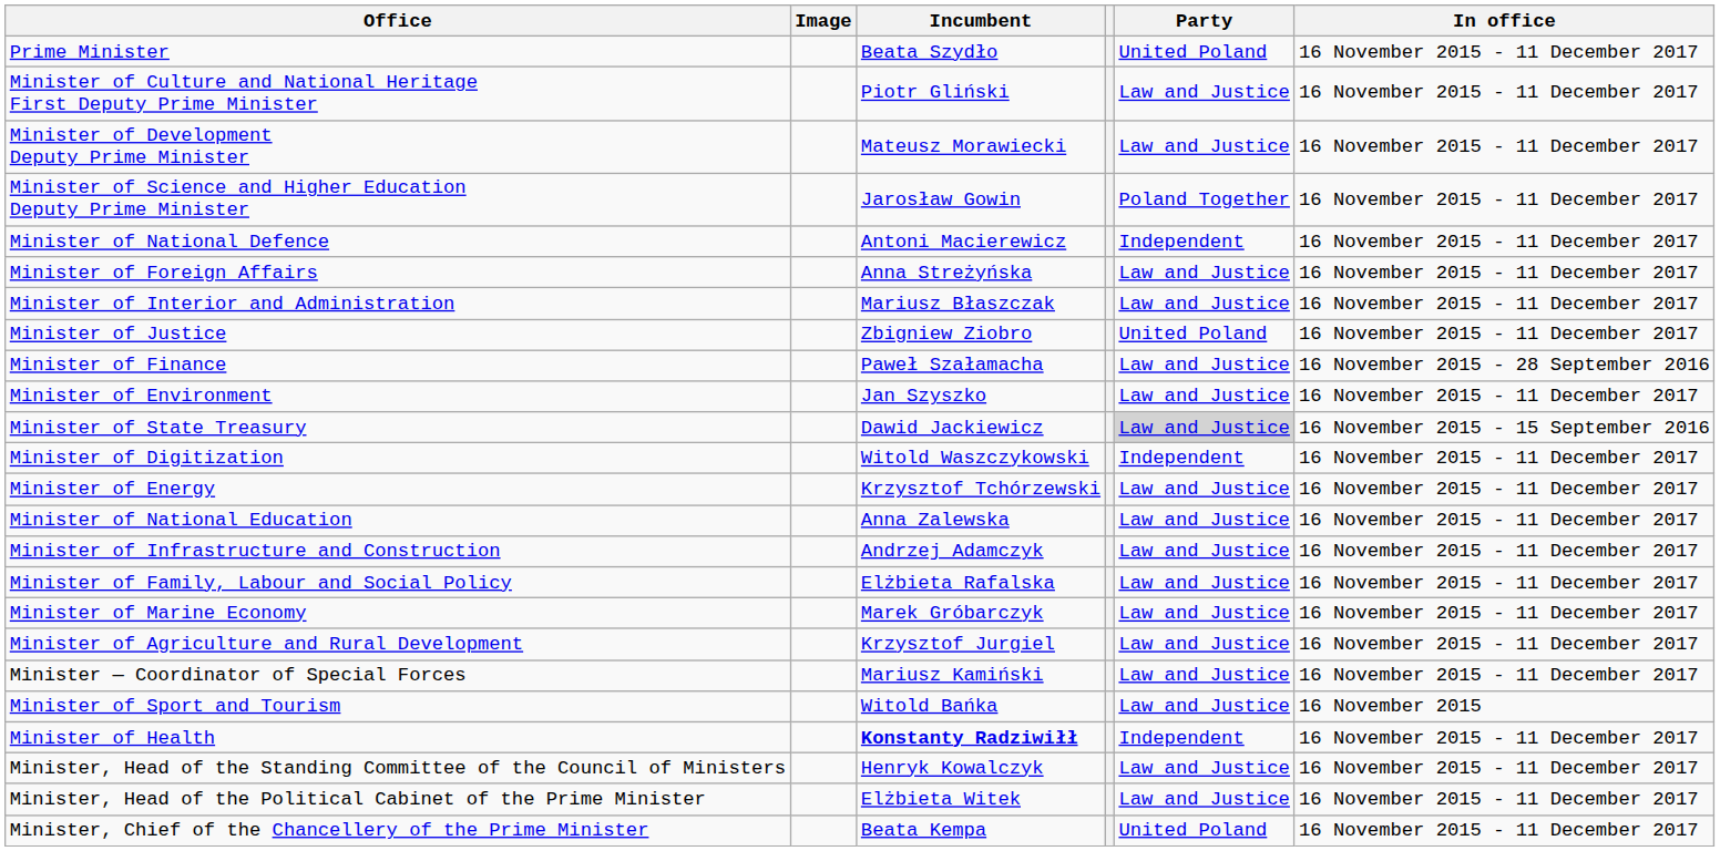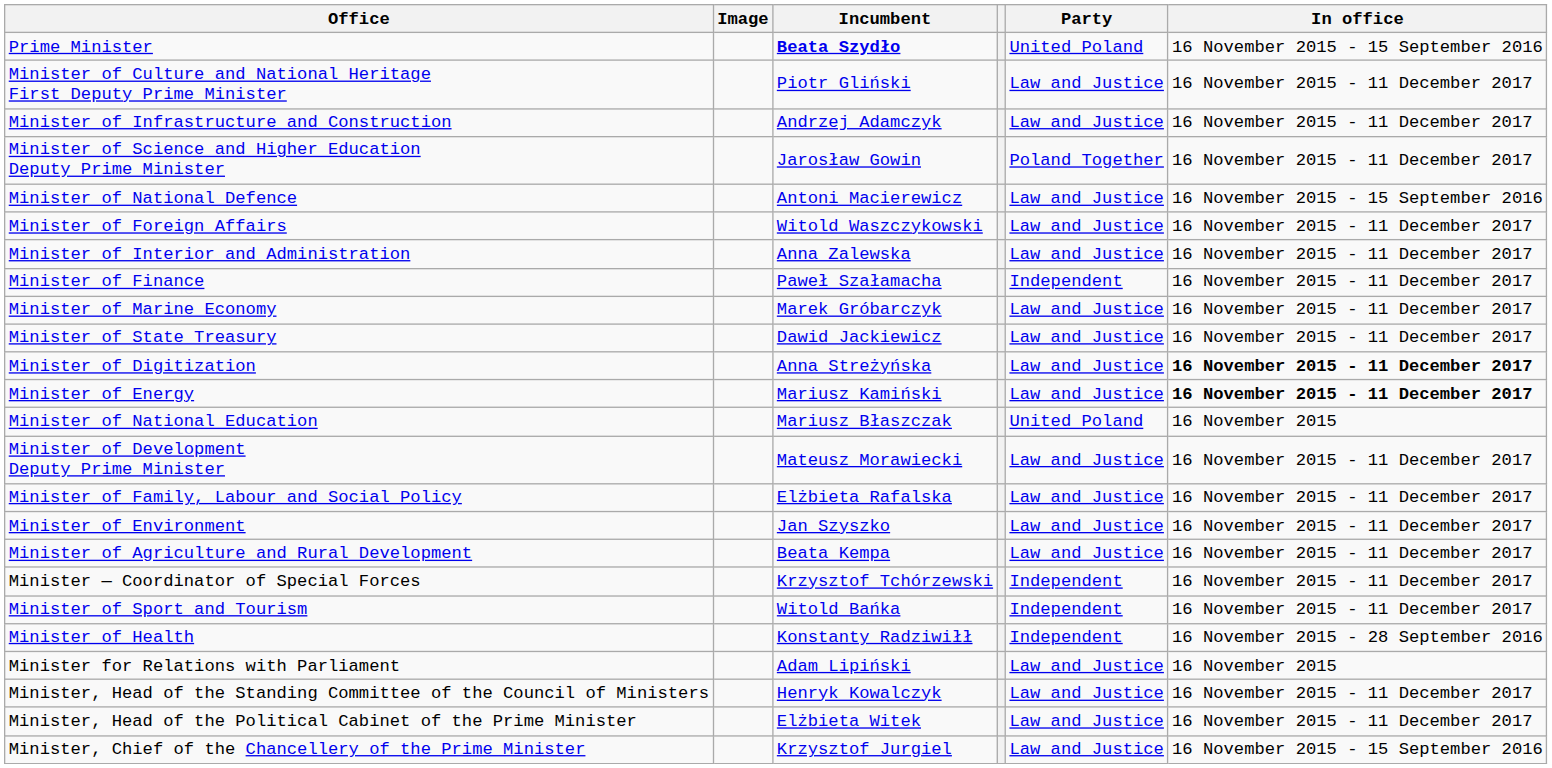 <table class="wikitable">
 <tr>
 <th>Office</th>
 <th>Image</th>
 <th>Incumbent</th>
 <th></th>
 <th>Party</th>
 <th>In office</th>
 </tr>
 <tr>
 <td><a href='#'>Prime Minister</a></td>
 <td></td>
-<td><a href='#'>Beata Szydło</a></td>
+<td><strong><a href='#'>Beata Szydło</a></strong></td>
 <th style="background:"></th>
 <td><a href='#'>United Poland</a></td>
-<td>16 November 2015 - 11 December 2017</td>
+<td>16 November 2015 - 15 September 2016</td>
 </tr>
 <tr>
 <td><a href='#'>Minister of Culture and National Heritage</a><br><a href='#'>First Deputy Prime Minister</a></td>
 <td></td>
 <td><a href='#'>Piotr Gliński</a></td>
 <th style="background:"></th>
 <td><a href='#'>Law and Justice</a></td>
 <td>16 November 2015 - 11 December 2017</td>
 </tr>
 <tr>
-<td><a href='#'>Minister of Development</a><br><a href='#'>Deputy Prime Minister</a></td>
+<td><a href='#'>Minister of Infrastructure and Construction</a></td>
 <td></td>
-<td><a href='#'>Mateusz Morawiecki</a></td>
+<td><a href='#'>Andrzej Adamczyk</a></td>
 <th style="background:"></th>
 <td><a href='#'>Law and Justice</a></td>
 <td>16 November 2015 - 11 December 2017</td>
 </tr>
 <tr>
 <td><a href='#'>Minister of Science and Higher Education</a><br><a href='#'>Deputy Prime Minister</a></td>
 <td></td>
 <td><a href='#'>Jarosław Gowin</a></td>
 <th style="background:"></th>
 <td><a href='#'>Poland Together</a></td>
 <td>16 November 2015 - 11 December 2017</td>
 </tr>
 <tr>
 <td><a href='#'>Minister of National Defence</a></td>
 <td></td>
 <td><a href='#'>Antoni Macierewicz</a></td>
 <th style="background:"></th>
-<td><a href='#'>Independent</a></td>
-<td>16 November 2015 - 11 December 2017</td>
+<td><a href='#'>Law and Justice</a></td>
+<td>16 November 2015 - 15 September 2016</td>
 </tr>
 <tr>
 <td><a href='#'>Minister of Foreign Affairs</a></td>
 <td></td>
-<td><a href='#'>Anna Streżyńska</a></td>
+<td><a href='#'>Witold Waszczykowski</a></td>
 <th style="background:"></th>
 <td><a href='#'>Law and Justice</a></td>
 <td>16 November 2015 - 11 December 2017</td>
 </tr>
 <tr>
 <td><a href='#'>Minister of Interior and Administration</a></td>
 <td></td>
-<td><a href='#'>Mariusz Błaszczak</a></td>
+<td><a href='#'>Anna Zalewska</a></td>
 <th style="background:"></th>
 <td><a href='#'>Law and Justice</a></td>
-<td>16 November 2015 - 11 December 2017</td>
-</tr>
-<tr>
-<td><a href='#'>Minister of Justice</a></td>
-<td></td>
-<td><a href='#'>Zbigniew Ziobro</a></td>
-<th style="background:"></th>
-<td><a href='#'>United Poland</a></td>
 <td>16 November 2015 - 11 December 2017</td>
 </tr>
 <tr>
 <td><a href='#'>Minister of Finance</a></td>
 <td></td>
 <td><a href='#'>Paweł Szałamacha</a></td>
 <th style="background:"></th>
-<td><a href='#'>Law and Justice</a></td>
-<td>16 November 2015 - 28 September 2016</td>
+<td><a href='#'>Independent</a></td>
+<td>16 November 2015 - 11 December 2017</td>
 </tr>
 <tr>
-<td><a href='#'>Minister of Environment</a></td>
+<td><a href='#'>Minister of Marine Economy</a></td>
 <td></td>
-<td><a href='#'>Jan Szyszko</a></td>
+<td><a href='#'>Marek Gróbarczyk</a></td>
 <th style="background:"></th>
 <td><a href='#'>Law and Justice</a></td>
 <td>16 November 2015 - 11 December 2017</td>
 </tr>
 <tr>
 <td><a href='#'>Minister of State Treasury</a></td>
 <td></td>
 <td><a href='#'>Dawid Jackiewicz</a></td>
 <th style="background:"></th>
-<td style="background: lightgrey;"><a href='#'>Law and Justice</a></td>
-<td>16 November 2015 - 15 September 2016</td>
+<td><a href='#'>Law and Justice</a></td>
+<td>16 November 2015 - 11 December 2017</td>
 </tr>
 <tr>
 <td><a href='#'>Minister of Digitization</a></td>
 <td></td>
-<td><a href='#'>Witold Waszczykowski</a></td>
+<td><a href='#'>Anna Streżyńska</a></td>
 <th style="background:"></th>
-<td><a href='#'>Independent</a></td>
-<td>16 November 2015 - 11 December 2017</td>
+<td><a href='#'>Law and Justice</a></td>
+<td><strong>16 November 2015 - 11 December 2017</strong></td>
 </tr>
 <tr>
 <td><a href='#'>Minister of Energy</a></td>
 <td></td>
-<td><a href='#'>Krzysztof Tchórzewski</a></td>
+<td><a href='#'>Mariusz Kamiński</a></td>
 <th style="background:"></th>
 <td><a href='#'>Law and Justice</a></td>
-<td>16 November 2015 - 11 December 2017</td>
+<td><strong>16 November 2015 - 11 December 2017</strong></td>
 </tr>
 <tr>
 <td><a href='#'>Minister of National Education</a></td>
 <td></td>
-<td><a href='#'>Anna Zalewska</a></td>
+<td><a href='#'>Mariusz Błaszczak</a></td>
 <th style="background:"></th>
-<td><a href='#'>Law and Justice</a></td>
-<td>16 November 2015 - 11 December 2017</td>
+<td><a href='#'>United Poland</a></td>
+<td>16 November 2015</td>
 </tr>
 <tr>
-<td><a href='#'>Minister of Infrastructure and Construction</a></td>
+<td><a href='#'>Minister of Development</a><br><a href='#'>Deputy Prime Minister</a></td>
 <td></td>
-<td><a href='#'>Andrzej Adamczyk</a></td>
+<td><a href='#'>Mateusz Morawiecki</a></td>
 <th style="background:"></th>
 <td><a href='#'>Law and Justice</a></td>
 <td>16 November 2015 - 11 December 2017</td>
 </tr>
 <tr>
 <td><a href='#'>Minister of Family, Labour and Social Policy</a></td>
 <td></td>
 <td><a href='#'>Elżbieta Rafalska</a></td>
 <th style="background:"></th>
 <td><a href='#'>Law and Justice</a></td>
 <td>16 November 2015 - 11 December 2017</td>
 </tr>
 <tr>
-<td><a href='#'>Minister of Marine Economy</a></td>
+<td><a href='#'>Minister of Environment</a></td>
 <td></td>
-<td><a href='#'>Marek Gróbarczyk</a></td>
+<td><a href='#'>Jan Szyszko</a></td>
 <th style="background:"></th>
 <td><a href='#'>Law and Justice</a></td>
 <td>16 November 2015 - 11 December 2017</td>
 </tr>
 <tr>
 <td><a href='#'>Minister of Agriculture and Rural Development</a></td>
 <td></td>
-<td><a href='#'>Krzysztof Jurgiel</a></td>
+<td><a href='#'>Beata Kempa</a></td>
 <th style="background:"></th>
 <td><a href='#'>Law and Justice</a></td>
 <td>16 November 2015 - 11 December 2017</td>
 </tr>
 <tr>
 <td>Minister — Coordinator of Special Forces</td>
 <td></td>
-<td><a href='#'>Mariusz Kamiński</a></td>
+<td><a href='#'>Krzysztof Tchórzewski</a></td>
 <th style="background:"></th>
-<td><a href='#'>Law and Justice</a></td>
+<td><a href='#'>Independent</a></td>
 <td>16 November 2015 - 11 December 2017</td>
 </tr>
 <tr>
 <td><a href='#'>Minister of Sport and Tourism</a></td>
 <td></td>
 <td><a href='#'>Witold Bańka</a></td>
 <th style="background:"></th>
-<td><a href='#'>Law and Justice</a></td>
-<td>16 November 2015</td>
+<td><a href='#'>Independent</a></td>
+<td>16 November 2015 - 11 December 2017</td>
 </tr>
 <tr>
 <td><a href='#'>Minister of Health</a></td>
 <td></td>
-<td><strong><a href='#'>Konstanty Radziwiłł</a></strong></td>
+<td><a href='#'>Konstanty Radziwiłł</a></td>
 <th style="background:"></th>
 <td><a href='#'>Independent</a></td>
-<td>16 November 2015 - 11 December 2017</td>
+<td>16 November 2015 - 28 September 2016</td>
+</tr>
+<tr>
+<td>Minister for Relations with Parliament</td>
+<td></td>
+<td><a href='#'>Adam Lipiński</a></td>
+<th style="background:"></th>
+<td><a href='#'>Law and Justice</a></td>
+<td>16 November 2015</td>
 </tr>
 <tr>
 <td>Minister, Head of the Standing Committee of the Council of Ministers</td>
 <td></td>
 <td><a href='#'>Henryk Kowalczyk</a></td>
 <th style="background:"></th>
 <td><a href='#'>Law and Justice</a></td>
 <td>16 November 2015 - 11 December 2017</td>
 </tr>
 <tr>
 <td>Minister, Head of the Political Cabinet of the Prime Minister</td>
 <td></td>
 <td><a href='#'>Elżbieta Witek</a></td>
 <th style="background:"></th>
 <td><a href='#'>Law and Justice</a></td>
 <td>16 November 2015 - 11 December 2017</td>
 </tr>
 <tr>
 <td>Minister, Chief of the <a href='#'>Chancellery of the Prime Minister</a></td>
 <td></td>
-<td><a href='#'>Beata Kempa</a></td>
+<td><a href='#'>Krzysztof Jurgiel</a></td>
 <th style="background:"></th>
-<td><a href='#'>United Poland</a></td>
-<td>16 November 2015 - 11 December 2017</td>
+<td><a href='#'>Law and Justice</a></td>
+<td>16 November 2015 - 15 September 2016</td>
 </tr>
 </table>
